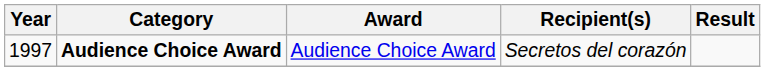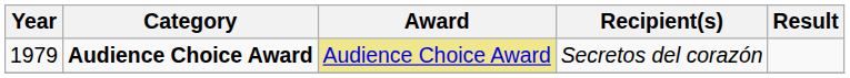 <table class="wikitable">
 <tr>
 <th>Year</th>
 <th>Category</th>
 <th>Award</th>
 <th>Recipient(s)</th>
 <th>Result</th>
 </tr>
 <tr>
-<td>1997</td>
+<td>1979</td>
 <td><strong>Audience Choice Award</strong></td>
-<td><a href='#'>Audience Choice Award</a></td>
+<td style="background: khaki;"><a href='#'>Audience Choice Award</a></td>
 <td><em>Secretos del corazón</em></td>
 <td></td>
 </tr>
 <tr>
 </tr>
 </table>
